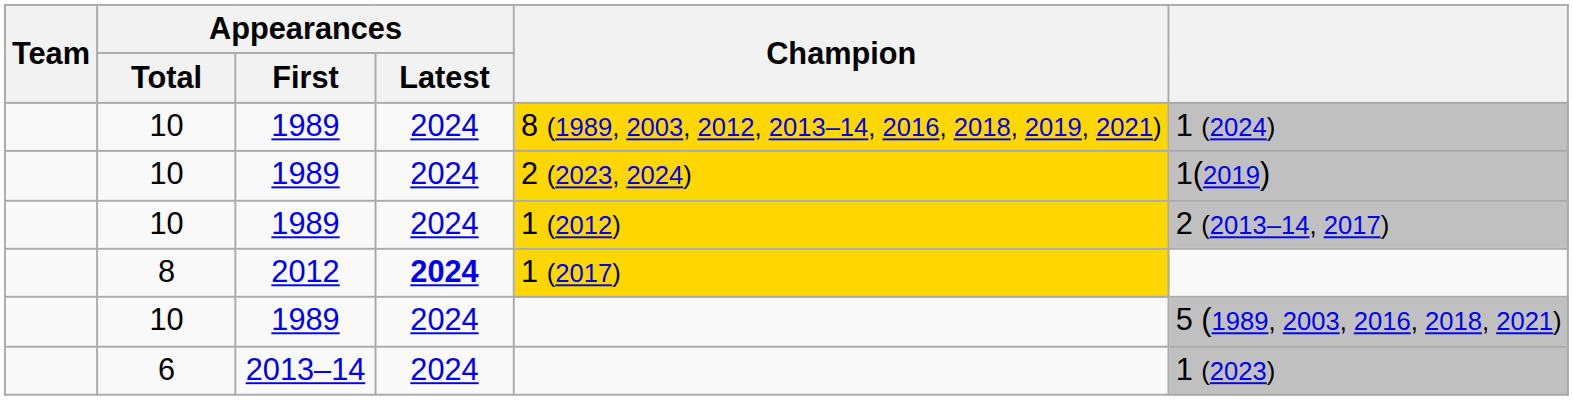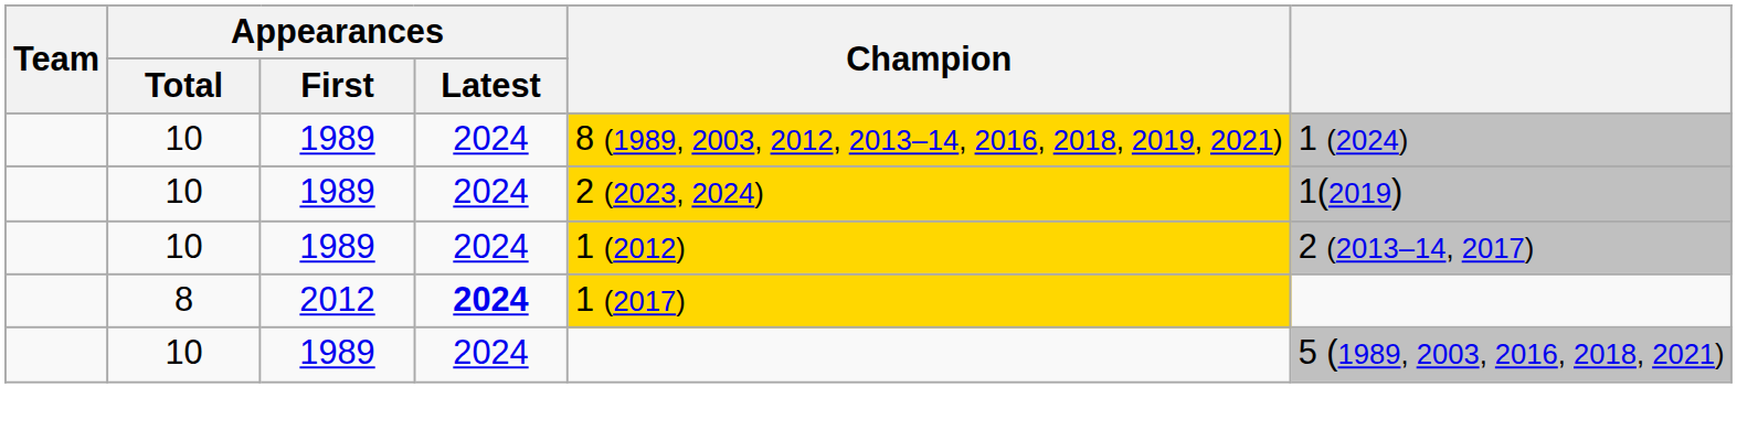 <table class="wikitable">
 <tr>
 <th rowspan=2>Team</th>
 <th colspan=3>Appearances</th>
 <th rowspan=2>Champion</th>
 <th rowspan="2"></th>
 </tr>
 <tr>
 <th width=65>Total</th>
 <th width=65>First</th>
 <th width=65>Latest</th>
 </tr>
 <tr>
 <td style="text-align:left;"></td>
 <td style="text-align:center">10</td>
 <td style="text-align:center"><a href='#'>1989</a></td>
 <td style="text-align:center"><a href='#'>2024</a></td>
 <td style="background:gold;">8 <small>(<a href='#'>1989</a>, <a href='#'>2003</a>, <a href='#'>2012</a>, <a href='#'>2013–14</a>, <a href='#'>2016</a>, <a href='#'>2018</a>, <a href='#'>2019</a>, <a href='#'>2021</a>)</small></td>
 <td style="background:silver;">1 <small>(<a href='#'>2024</a>)</small></td>
 </tr>
 <tr>
 <td style="text-align:left;"></td>
 <td style="text-align:center">10</td>
 <td style="text-align:center"><a href='#'>1989</a></td>
 <td style="text-align:center"><a href='#'>2024</a></td>
 <td style="background:gold;">2 <small>(<a href='#'>2023</a>, <a href='#'>2024</a>)</small></td>
 <td style="background:silver;">1(<a href='#'><small></small></a><small><a href='#'>2019</a></small>)</td>
 </tr>
 <tr>
 <td style="text-align:left;"></td>
 <td style="text-align:center">10</td>
 <td style="text-align:center"><a href='#'>1989</a></td>
 <td style="text-align:center"><a href='#'>2024</a></td>
 <td style="background:gold;">1 <small>(<a href='#'>2012</a>)</small></td>
 <td style="background:silver;">2 <small>(<a href='#'>2013–14</a>, <a href='#'>2017</a>)</small></td>
 </tr>
 <tr>
 <td style="text-align:left;"></td>
 <td style="text-align:center">8</td>
 <td style="text-align:center"><a href='#'>2012</a></td>
 <td style="text-align:center"><strong><a href='#'>2024</a></strong></td>
 <td style="background:gold;">1 <small>(<a href='#'>2017</a>)</small></td>
 <td></td>
 </tr>
 <tr>
 <td style="text-align:left;"></td>
 <td style="text-align:center">10</td>
 <td style="text-align:center"><a href='#'>1989</a></td>
 <td style="text-align:center"><a href='#'>2024</a></td>
 <td></td>
 <td style="background:silver;">5 (<a href='#'><small></small></a><small><a href='#'>1989</a></small><small>, <a href='#'>2003</a>, <a href='#'>2016</a>, <a href='#'>2018</a>, <a href='#'>2021</a>)</small></td>
 </tr>
-<tr>
-<td style="text-align:left;"></td>
-<td style="text-align:center">6</td>
-<td style="text-align:center"><a href='#'>2013–14</a></td>
-<td style="text-align:center"><a href='#'>2024</a></td>
-<td></td>
-<td style="background:silver;">1 <small>(<a href='#'>2023</a>)</small></td>
-</tr>
 </table>
